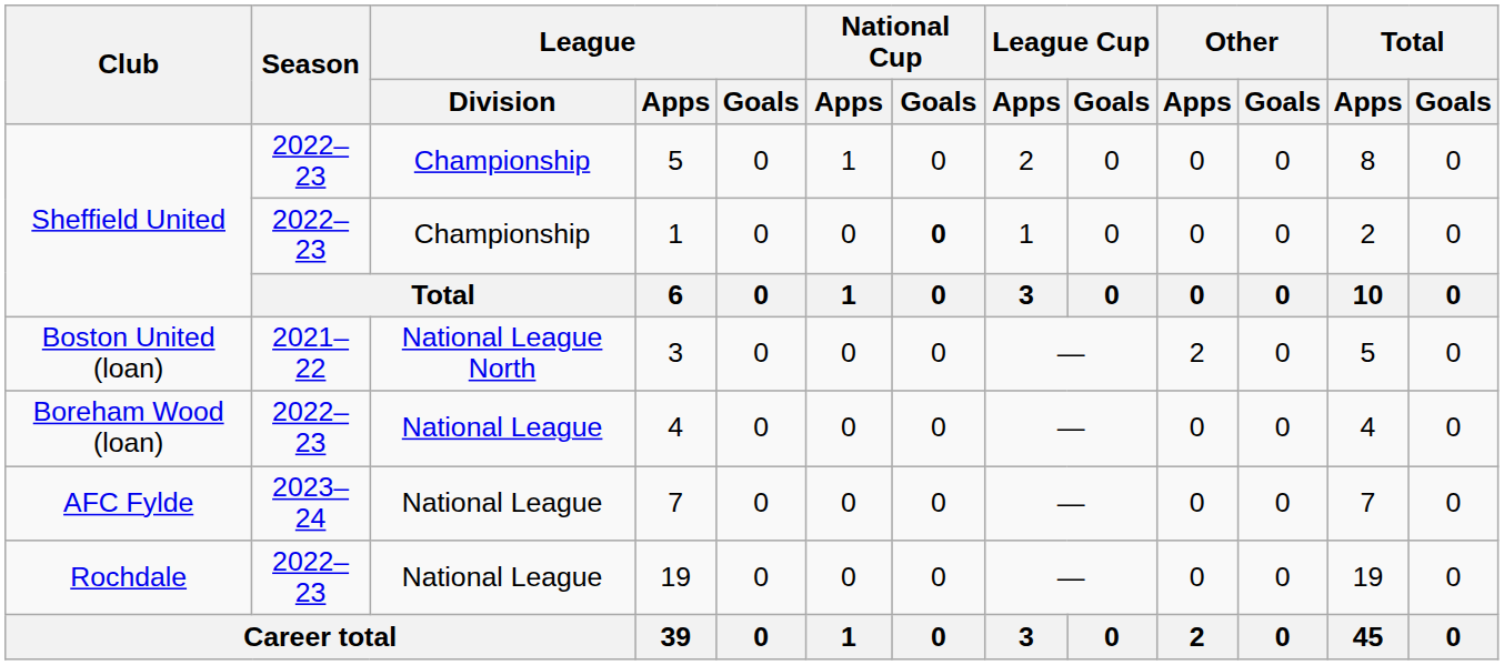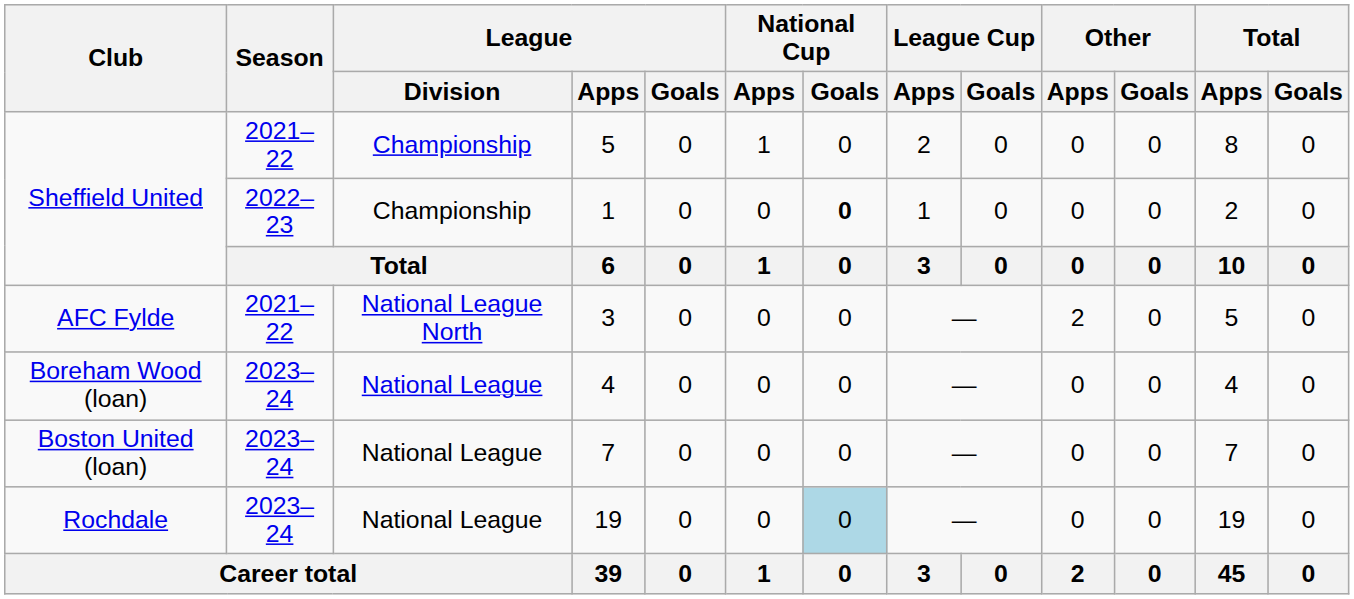 <table class="wikitable" style="text-align: center">
 <tr>
 <th rowspan="2">Club</th>
 <th rowspan="2">Season</th>
 <th colspan="3">League</th>
 <th colspan="2">National Cup</th>
 <th colspan="2">League Cup</th>
 <th colspan="2">Other</th>
 <th colspan="2">Total</th>
 </tr>
 <tr>
 <th>Division</th>
 <th>Apps</th>
 <th>Goals</th>
 <th>Apps</th>
 <th>Goals</th>
 <th>Apps</th>
 <th>Goals</th>
 <th>Apps</th>
 <th>Goals</th>
 <th>Apps</th>
 <th>Goals</th>
 </tr>
 <tr>
 <td rowspan="3"><a href='#'>Sheffield United</a></td>
-<td><a href='#'>2022–23</a></td>
+<td><a href='#'>2021–22</a></td>
 <td><a href='#'>Championship</a></td>
 <td>5</td>
 <td>0</td>
 <td>1</td>
 <td>0</td>
 <td>2</td>
 <td>0</td>
 <td>0</td>
 <td>0</td>
 <td>8</td>
 <td>0</td>
 </tr>
 <tr>
 <td><a href='#'>2022–23</a></td>
 <td>Championship</td>
 <td>1</td>
 <td>0</td>
 <td>0</td>
 <td><strong>0</strong></td>
 <td>1</td>
 <td>0</td>
 <td>0</td>
 <td>0</td>
 <td>2</td>
 <td>0</td>
 </tr>
 <tr>
 <th colspan="2">Total</th>
 <th>6</th>
 <th>0</th>
 <th>1</th>
 <th>0</th>
 <th>3</th>
 <th>0</th>
 <th>0</th>
 <th>0</th>
 <th>10</th>
 <th>0</th>
 </tr>
 <tr>
-<td><a href='#'>Boston United</a> (loan)</td>
+<td><a href='#'>AFC Fylde</a></td>
 <td><a href='#'>2021–22</a></td>
 <td><a href='#'>National League North</a></td>
 <td>3</td>
 <td>0</td>
 <td>0</td>
 <td>0</td>
 <td colspan="2">—</td>
 <td>2</td>
 <td>0</td>
 <td>5</td>
 <td>0</td>
 </tr>
 <tr>
 <td><a href='#'>Boreham Wood</a> (loan)</td>
-<td><a href='#'>2022–23</a></td>
+<td><a href='#'>2023–24</a></td>
 <td><a href='#'>National League</a></td>
 <td>4</td>
 <td>0</td>
 <td>0</td>
 <td>0</td>
 <td colspan="2">—</td>
 <td>0</td>
 <td>0</td>
 <td>4</td>
 <td>0</td>
 </tr>
 <tr>
-<td><a href='#'>AFC Fylde</a></td>
+<td><a href='#'>Boston United</a> (loan)</td>
 <td><a href='#'>2023–24</a></td>
 <td>National League</td>
 <td>7</td>
 <td>0</td>
 <td>0</td>
 <td>0</td>
 <td colspan="2">—</td>
 <td>0</td>
 <td>0</td>
 <td>7</td>
 <td>0</td>
 </tr>
 <tr>
 <td><a href='#'>Rochdale</a></td>
-<td><a href='#'>2022–23</a></td>
+<td><a href='#'>2023–24</a></td>
 <td>National League</td>
 <td>19</td>
 <td>0</td>
 <td>0</td>
-<td>0</td>
+<td style="background: lightblue;">0</td>
 <td colspan="2">—</td>
 <td>0</td>
 <td>0</td>
 <td>19</td>
 <td>0</td>
 </tr>
 <tr>
 <th colspan="3">Career total</th>
 <th>39</th>
 <th>0</th>
 <th>1</th>
 <th>0</th>
 <th>3</th>
 <th>0</th>
 <th>2</th>
 <th>0</th>
 <th>45</th>
 <th>0</th>
 </tr>
 </table>
